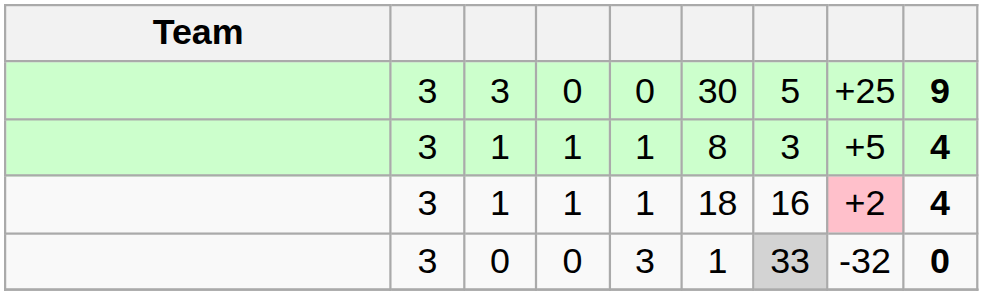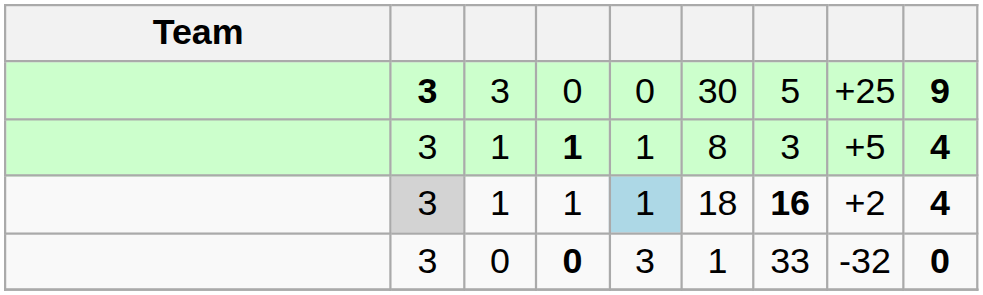 <table class="wikitable" style="text-align: center;">
 <tr>
 <th width=165>Team</th>
 <th width=25></th>
 <th width=25></th>
 <th width=25></th>
 <th width=25></th>
 <th width=25></th>
 <th width=25></th>
 <th width=25></th>
 <th width=25></th>
 </tr>
 <tr style="background:#ccffcc">
 <td style="text-align:left;"></td>
-<td>3</td>
+<td><strong>3</strong></td>
 <td>3</td>
 <td>0</td>
 <td>0</td>
 <td>30</td>
 <td>5</td>
 <td>+25</td>
 <td><strong>9</strong></td>
 </tr>
 <tr style="background:#ccffcc">
 <td style="text-align:left;"></td>
 <td>3</td>
 <td>1</td>
-<td>1</td>
+<td><strong>1</strong></td>
 <td>1</td>
 <td>8</td>
 <td>3</td>
 <td>+5</td>
 <td><strong>4</strong></td>
 </tr>
 <tr>
 <td style="text-align:left;"></td>
-<td>3</td>
+<td style="background: lightgrey;">3</td>
 <td>1</td>
 <td>1</td>
-<td>1</td>
+<td style="background: lightblue;">1</td>
 <td>18</td>
-<td>16</td>
-<td style="background: pink;">+2</td>
+<td><strong>16</strong></td>
+<td>+2</td>
 <td><strong>4</strong></td>
 </tr>
 <tr>
 <td style="text-align:left;"></td>
 <td>3</td>
 <td>0</td>
-<td>0</td>
+<td><strong>0</strong></td>
 <td>3</td>
 <td>1</td>
-<td style="background: lightgrey;">33</td>
+<td>33</td>
 <td>-32</td>
 <td><strong>0</strong></td>
 </tr>
 <tr>
 </tr>
 </table>
